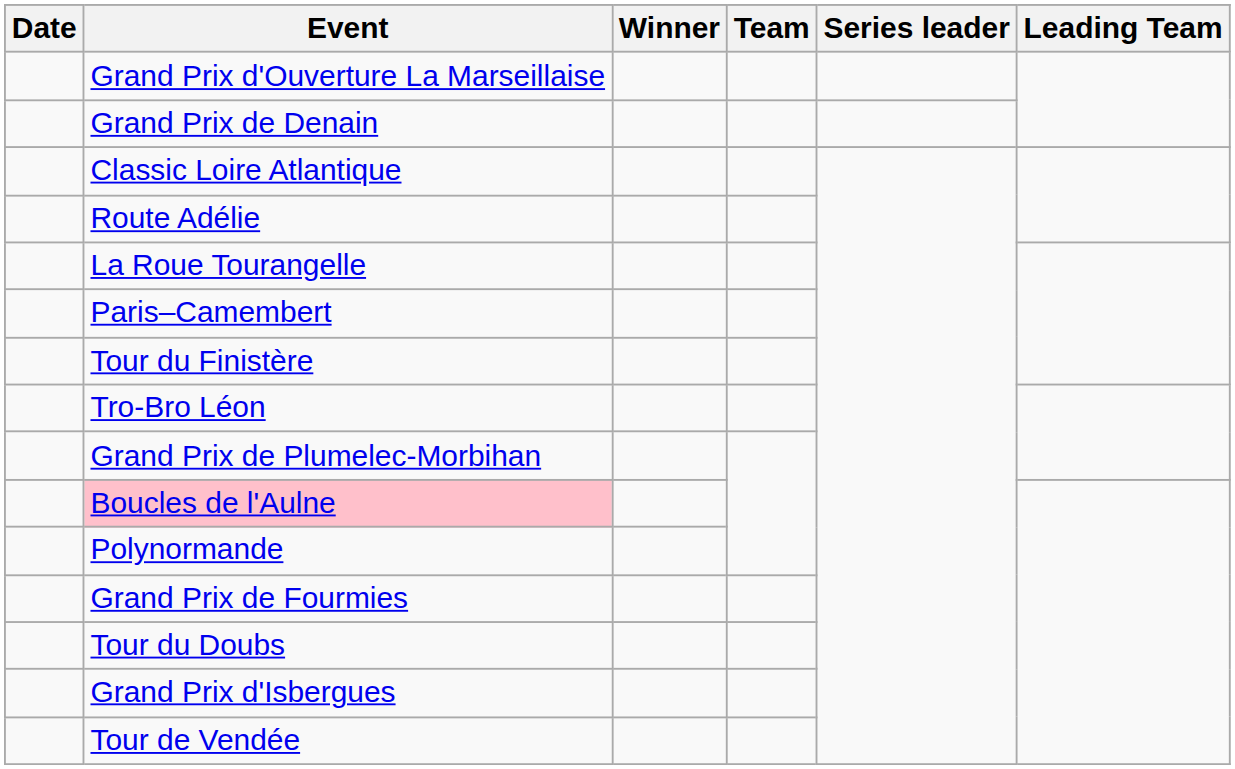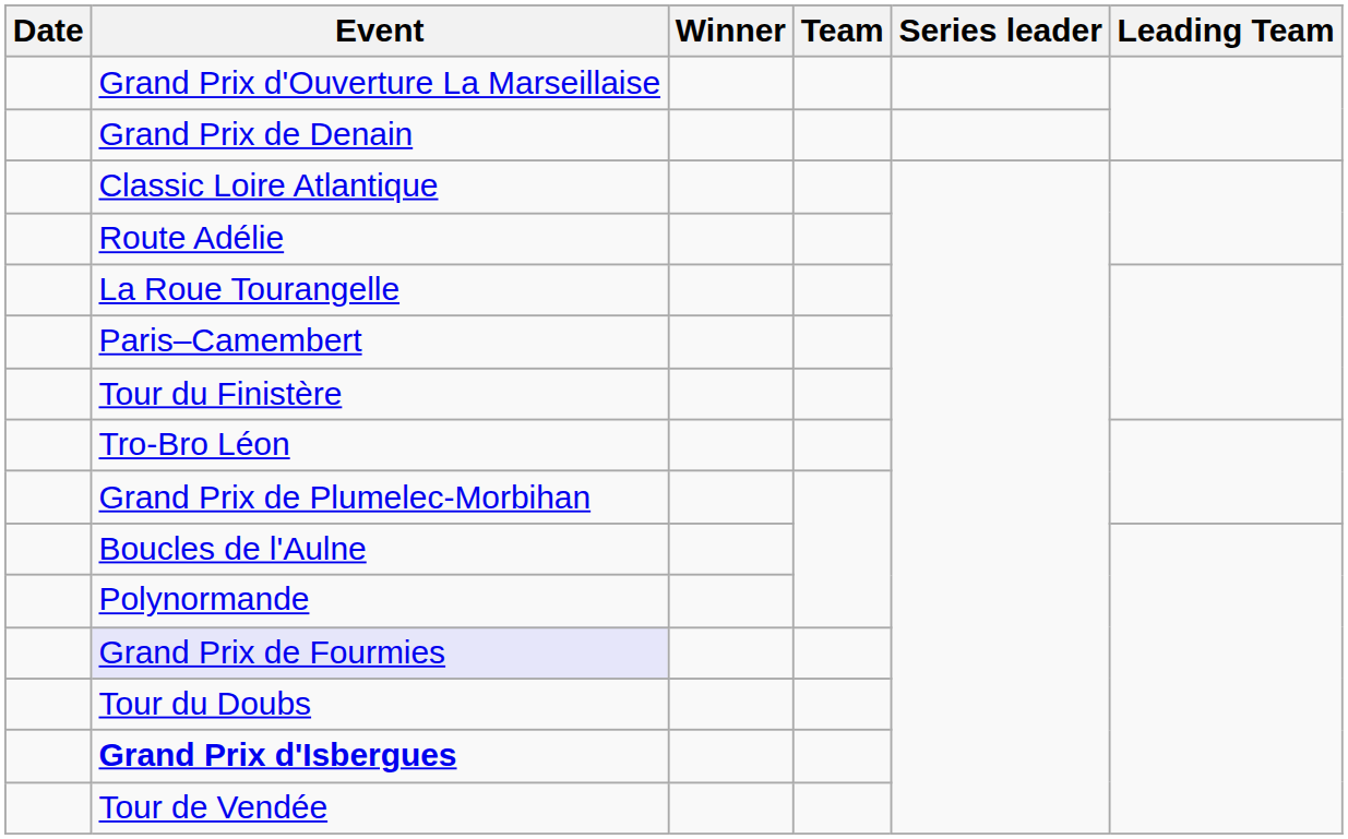 <table class="wikitable sortable">
 <tr>
 <th>Date</th>
 <th>Event</th>
 <th>Winner</th>
 <th>Team</th>
 <th class="unsortable">Series leader</th>
 <th class="unsortable">Leading Team</th>
 </tr>
 <tr>
 <td></td>
 <td><a href='#'>Grand Prix d'Ouverture La Marseillaise</a></td>
 <td></td>
 <td></td>
 <td></td>
 <td rowspan=2></td>
 </tr>
 <tr>
 <td></td>
 <td><a href='#'>Grand Prix de Denain</a></td>
 <td></td>
 <td></td>
 <td></td>
 </tr>
 <tr>
 <td></td>
 <td><a href='#'>Classic Loire Atlantique</a></td>
 <td></td>
 <td></td>
 <td rowspan=13></td>
 <td rowspan=2></td>
 </tr>
 <tr>
 <td></td>
 <td><a href='#'>Route Adélie</a></td>
 <td></td>
 <td></td>
 </tr>
 <tr>
 <td></td>
 <td><a href='#'>La Roue Tourangelle</a></td>
 <td></td>
 <td></td>
 <td rowspan=3></td>
 </tr>
 <tr>
 <td></td>
 <td><a href='#'>Paris–Camembert</a></td>
 <td></td>
 <td></td>
 </tr>
 <tr>
 <td></td>
 <td><a href='#'>Tour du Finistère</a></td>
 <td></td>
 <td></td>
 </tr>
 <tr>
 <td></td>
 <td><a href='#'>Tro-Bro Léon</a></td>
 <td></td>
 <td></td>
 <td rowspan=2></td>
 </tr>
 <tr>
 <td></td>
 <td><a href='#'>Grand Prix de Plumelec-Morbihan</a></td>
 <td></td>
 <td rowspan=3></td>
 </tr>
 <tr>
 <td></td>
-<td style="background: pink;"><a href='#'>Boucles de l'Aulne</a></td>
+<td><a href='#'>Boucles de l'Aulne</a></td>
 <td></td>
 <td rowspan=6></td>
 </tr>
 <tr>
 <td></td>
 <td><a href='#'>Polynormande</a></td>
 <td></td>
 </tr>
 <tr>
 <td></td>
-<td><a href='#'>Grand Prix de Fourmies</a></td>
+<td style="background: lavender;"><a href='#'>Grand Prix de Fourmies</a></td>
 <td></td>
 <td></td>
 </tr>
 <tr>
 <td></td>
 <td><a href='#'>Tour du Doubs</a></td>
 <td></td>
 <td></td>
 </tr>
 <tr>
 <td></td>
-<td><a href='#'>Grand Prix d'Isbergues</a></td>
+<td><strong><a href='#'>Grand Prix d'Isbergues</a></strong></td>
 <td></td>
 <td></td>
 </tr>
 <tr>
 <td></td>
 <td><a href='#'>Tour de Vendée</a></td>
 <td></td>
 <td></td>
 </tr>
 </table>
